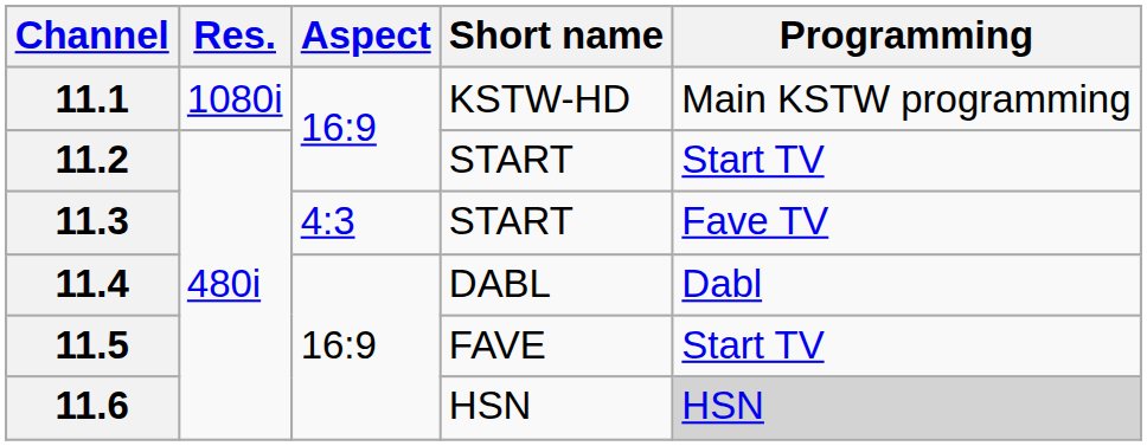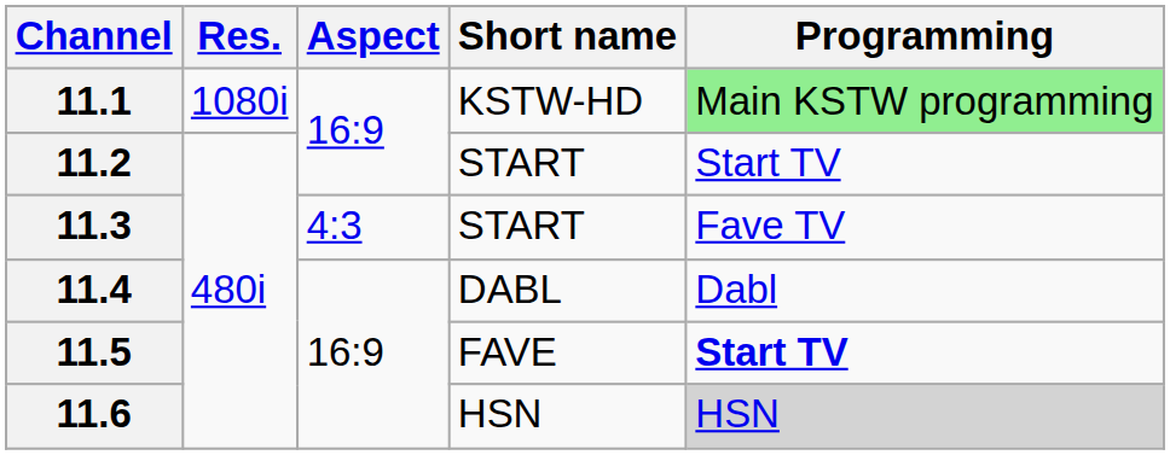 <table class="wikitable">
 <tr>
 <th scope="col"><a href='#'>Channel</a></th>
 <th scope="col"><a href='#'>Res.</a></th>
 <th scope="col"><a href='#'>Aspect</a></th>
 <th scope="col">Short name</th>
 <th scope="col">Programming</th>
 </tr>
 <tr>
 <th scope="row">11.1</th>
 <td><a href='#'>1080i</a></td>
 <td rowspan="2"><a href='#'>16:9</a></td>
 <td>KSTW-HD</td>
-<td>Main KSTW programming</td>
+<td style="background: lightgreen;">Main KSTW programming</td>
 </tr>
 <tr>
 <th scope="row">11.2</th>
 <td rowspan="5"><a href='#'>480i</a></td>
 <td>START</td>
 <td><a href='#'>Start TV</a></td>
 </tr>
 <tr>
 <th scope="row">11.3</th>
 <td><a href='#'>4:3</a></td>
 <td>START</td>
 <td><a href='#'>Fave TV</a></td>
 </tr>
 <tr>
 <th scope="row">11.4</th>
 <td rowspan="3">16:9</td>
 <td>DABL</td>
 <td><a href='#'>Dabl</a></td>
 </tr>
 <tr>
 <th scope="row">11.5</th>
 <td>FAVE</td>
-<td><a href='#'>Start TV</a></td>
+<td><strong><a href='#'>Start TV</a></strong></td>
 </tr>
 <tr>
 <th scope="row">11.6</th>
 <td>HSN</td>
 <td style="background: lightgrey;"><a href='#'>HSN</a></td>
 </tr>
 </table>
